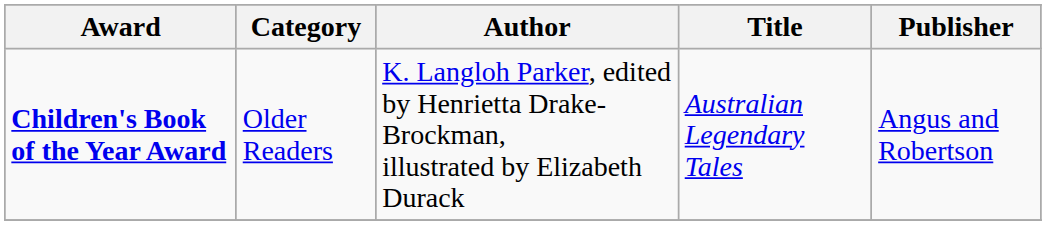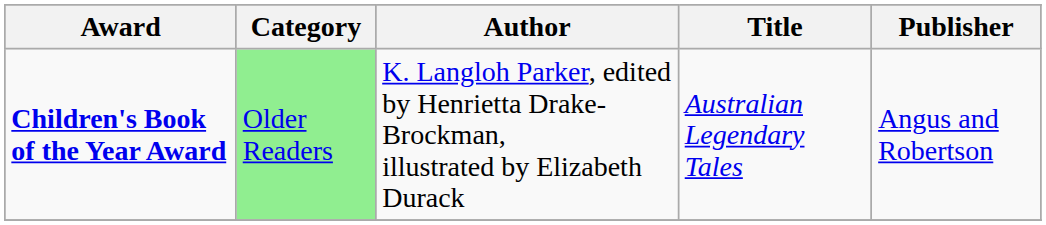 <table class="wikitable" width=95%>
 <tr>
 <th>Award</th>
 <th>Category</th>
 <th>Author</th>
 <th>Title</th>
 <th>Publisher</th>
 </tr>
 <tr>
 <td><strong><a href='#'>Children's Book of the Year Award</a></strong></td>
-<td><a href='#'>Older Readers</a></td>
+<td style="background: lightgreen;"><a href='#'>Older Readers</a></td>
 <td><a href='#'>K. Langloh Parker</a>, edited by Henrietta Drake-Brockman, <br>illustrated by Elizabeth Durack</td>
 <td><em><a href='#'>Australian Legendary Tales</a></em></td>
 <td><a href='#'>Angus and Robertson</a></td>
 </tr>
 <tr>
 </tr>
 </table>
